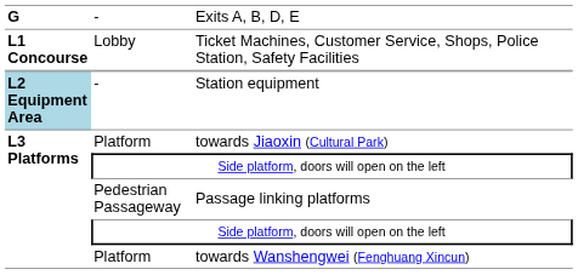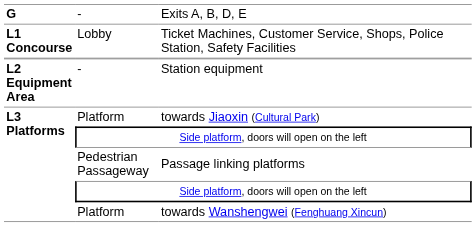 <table table border=0 cellspacing=0 cellpadding=3>
 <tr>
 <td style="border-top:solid 1px gray;" width=50 valign=top><strong>G</strong></td>
 <td style="border-top:solid 1px gray;" width=100 valign=top>-</td>
 <td style="border-top:solid 1px gray;" width=390 valign=top>Exits A, B, D, E</td>
 </tr>
 <tr>
 <td style="border-bottom:solid 1px gray; border-top:solid 1px gray;" valign=top><strong>L1<br>Concourse</strong></td>
 <td style="border-bottom:solid 1px gray; border-top:solid 1px gray;" valign=top>Lobby</td>
 <td style="border-bottom:solid 1px gray; border-top:solid 1px gray;" valign=top>Ticket Machines, Customer Service, Shops, Police Station, Safety Facilities</td>
 </tr>
 <tr>
-<td style="background: lightblue; border-bottom:solid 1px gray; border-top:solid 1px gray;" valign=top><strong>L2<br>Equipment Area</strong></td>
+<td style="border-bottom:solid 1px gray; border-top:solid 1px gray;" valign=top><strong>L2<br>Equipment Area</strong></td>
 <td style="border-bottom:solid 1px gray; border-top:solid 1px gray;" valign=top>-</td>
 <td style="border-bottom:solid 1px gray; border-top:solid 1px gray;" valign=top>Station equipment</td>
 </tr>
 <tr>
 <td style="border-bottom:solid 1px gray;" rowspan=5 valign=top><strong>L3<br>Platforms</strong></td>
 <td>Platform </td>
 <td>  towards <a href='#'>Jiaoxin</a> <small>(<a href='#'>Cultural Park</a>)</small></td>
 </tr>
 <tr>
 <td style="border-right:solid 2px black;border-left:solid 2px black;border-top:solid 2px black;border-bottom:solid 1px gray;text-align:center" colspan=2><small><a href='#'>Side platform</a>, doors will open on the left</small></td>
 </tr>
 <tr>
 <td>Pedestrian Passageway</td>
 <td>Passage linking platforms</td>
 </tr>
 <tr>
 <td style="border-right:solid 2px black;border-left:solid 2px black;border-top:solid 1px gray;border-bottom:solid 2px black;text-align:center" colspan=2><small><a href='#'>Side platform</a>, doors will open on the left</small></td>
 </tr>
 <tr>
 <td style="border-bottom:solid 1px gray;">Platform </td>
 <td style="border-bottom:solid 1px gray;"> towards <a href='#'>Wanshengwei</a> <small>(<a href='#'>Fenghuang Xincun</a>)</small> </td>
 </tr>
 </table>
